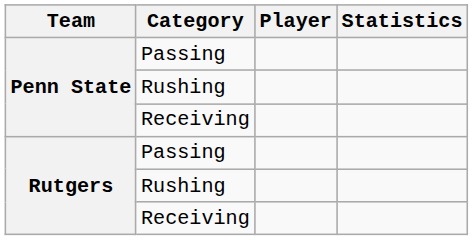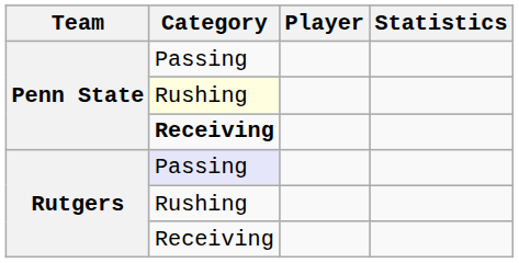 <table class="wikitable" style="float:right">
 <tr>
 <th>Team</th>
 <th>Category</th>
 <th>Player</th>
 <th>Statistics</th>
 </tr>
 <tr>
 <th rowspan=3>Penn State</th>
 <td>Passing</td>
 <td></td>
 <td></td>
 </tr>
 <tr>
-<td>Rushing</td>
+<td style="background: lightyellow;">Rushing</td>
 <td></td>
 <td></td>
 </tr>
 <tr>
-<td>Receiving</td>
+<td><strong>Receiving</strong></td>
 <td></td>
 <td></td>
 </tr>
 <tr>
 <th rowspan=3>Rutgers</th>
-<td>Passing</td>
+<td style="background: lavender;">Passing</td>
 <td></td>
 <td></td>
 </tr>
 <tr>
 <td>Rushing</td>
 <td></td>
 <td></td>
 </tr>
 <tr>
 <td>Receiving</td>
 <td></td>
 <td></td>
 </tr>
 </table>
